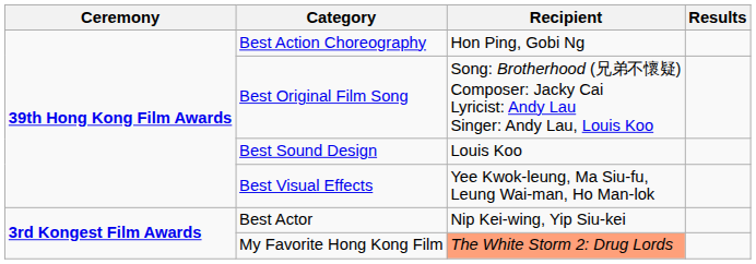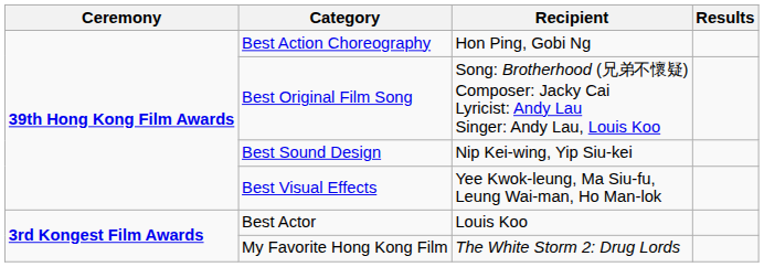 <table class=wikitable>
 <tr>
 <th>Ceremony</th>
 <th>Category</th>
 <th>Recipient</th>
 <th>Results</th>
 </tr>
 <tr>
 <td rowspan=4><strong><a href='#'>39th Hong Kong Film Awards</a></strong></td>
 <td><a href='#'>Best Action Choreography</a></td>
 <td>Hon Ping, Gobi Ng</td>
 <td></td>
 </tr>
 <tr>
 <td><a href='#'>Best Original Film Song</a></td>
 <td>Song: <em>Brotherhood</em> (兄弟不懷疑)<br>Composer: Jacky Cai <br>Lyricist: <a href='#'>Andy Lau</a> <br>Singer: Andy Lau, <a href='#'>Louis Koo</a></td>
 <td></td>
 </tr>
 <tr>
 <td><a href='#'>Best Sound Design</a></td>
-<td>Louis Koo</td>
+<td>Nip Kei-wing, Yip Siu-kei</td>
 <td></td>
 </tr>
 <tr>
 <td><a href='#'>Best Visual Effects</a></td>
 <td>Yee Kwok-leung, Ma Siu-fu, <br>Leung Wai-man, Ho Man-lok</td>
 <td></td>
 </tr>
 <tr>
 <td rowspan=2><strong><a href='#'>3rd Kongest Film Awards</a></strong></td>
 <td>Best Actor</td>
-<td>Nip Kei-wing, Yip Siu-kei</td>
+<td>Louis Koo</td>
 <td></td>
 </tr>
 <tr>
 <td>My Favorite Hong Kong Film</td>
-<td style="background: lightsalmon;"><em>The White Storm 2: Drug Lords</em></td>
+<td><em>The White Storm 2: Drug Lords</em></td>
 <td></td>
 </tr>
 </table>
